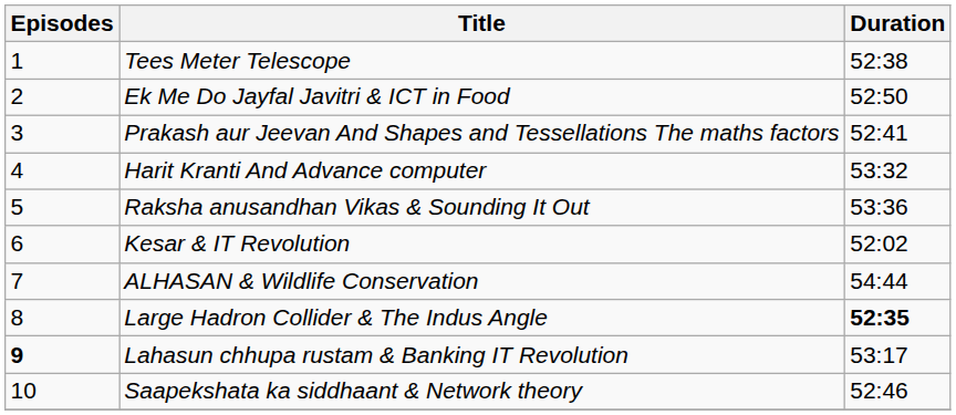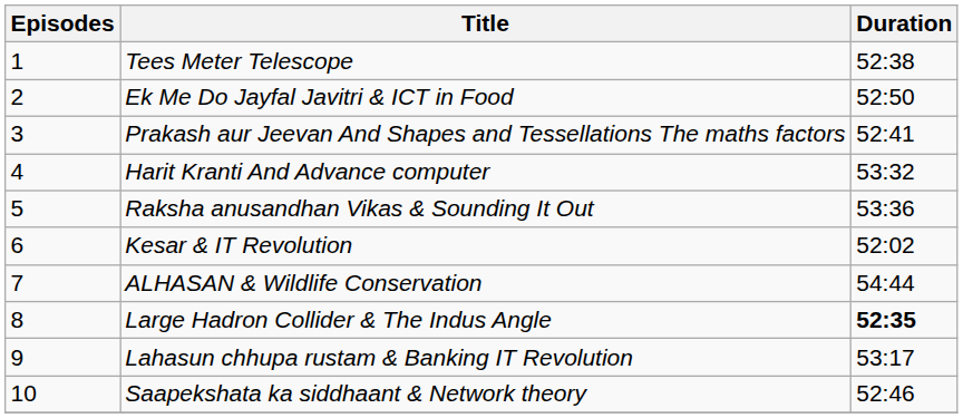 <table class="wikitable">
 <tr>
 <th>Episodes</th>
 <th>Title</th>
 <th>Duration</th>
 </tr>
 <tr>
 <td>1</td>
 <td><em>Tees Meter Telescope</em></td>
 <td>52:38</td>
 </tr>
 <tr>
 <td>2</td>
 <td><em>Ek Me Do Jayfal Javitri & ICT in Food</em></td>
 <td>52:50</td>
 </tr>
 <tr>
 <td>3</td>
 <td><em>Prakash aur Jeevan And Shapes and Tessellations The maths factors</em></td>
 <td>52:41</td>
 </tr>
 <tr>
 <td>4</td>
 <td><em>Harit Kranti And Advance computer</em></td>
 <td>53:32</td>
 </tr>
 <tr>
 <td>5</td>
 <td><em>Raksha anusandhan Vikas & Sounding It Out</em></td>
 <td>53:36</td>
 </tr>
 <tr>
 <td>6</td>
 <td><em>Kesar & IT Revolution</em></td>
 <td>52:02</td>
 </tr>
 <tr>
 <td>7</td>
 <td><em>ALHASAN & Wildlife Conservation</em></td>
 <td>54:44</td>
 </tr>
 <tr>
 <td>8</td>
 <td><em>Large Hadron Collider & The Indus Angle</em></td>
 <td><strong>52:35</strong></td>
 </tr>
 <tr>
-<td><strong>9</strong></td>
+<td>9</td>
 <td><em>Lahasun chhupa rustam & Banking IT Revolution</em></td>
 <td>53:17</td>
 </tr>
 <tr>
 <td>10</td>
 <td><em>Saapekshata ka siddhaant & Network theory</em></td>
 <td>52:46</td>
 </tr>
 <tr>
 </tr>
 </table>
